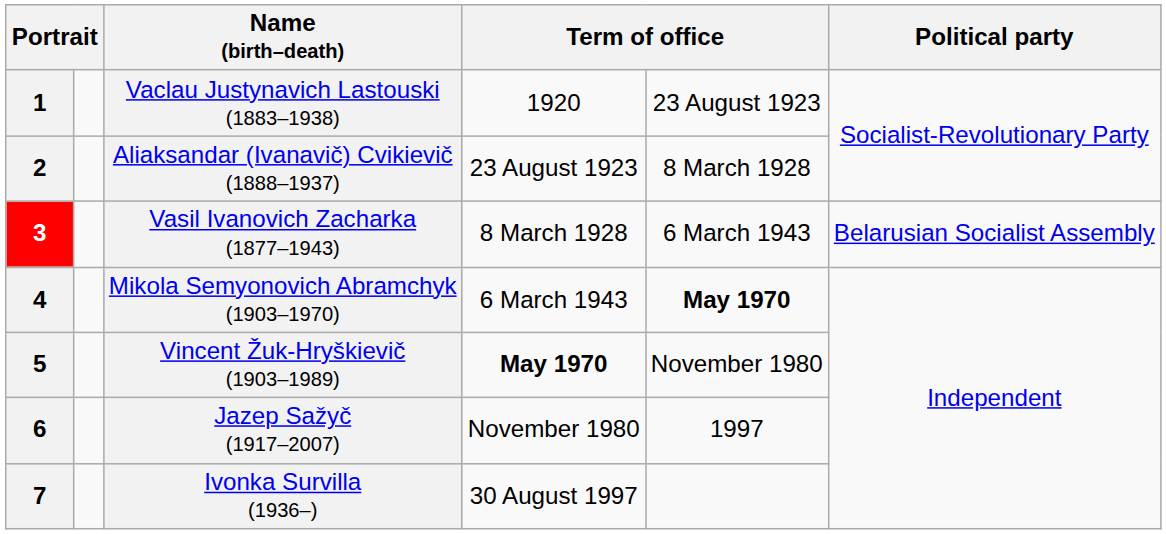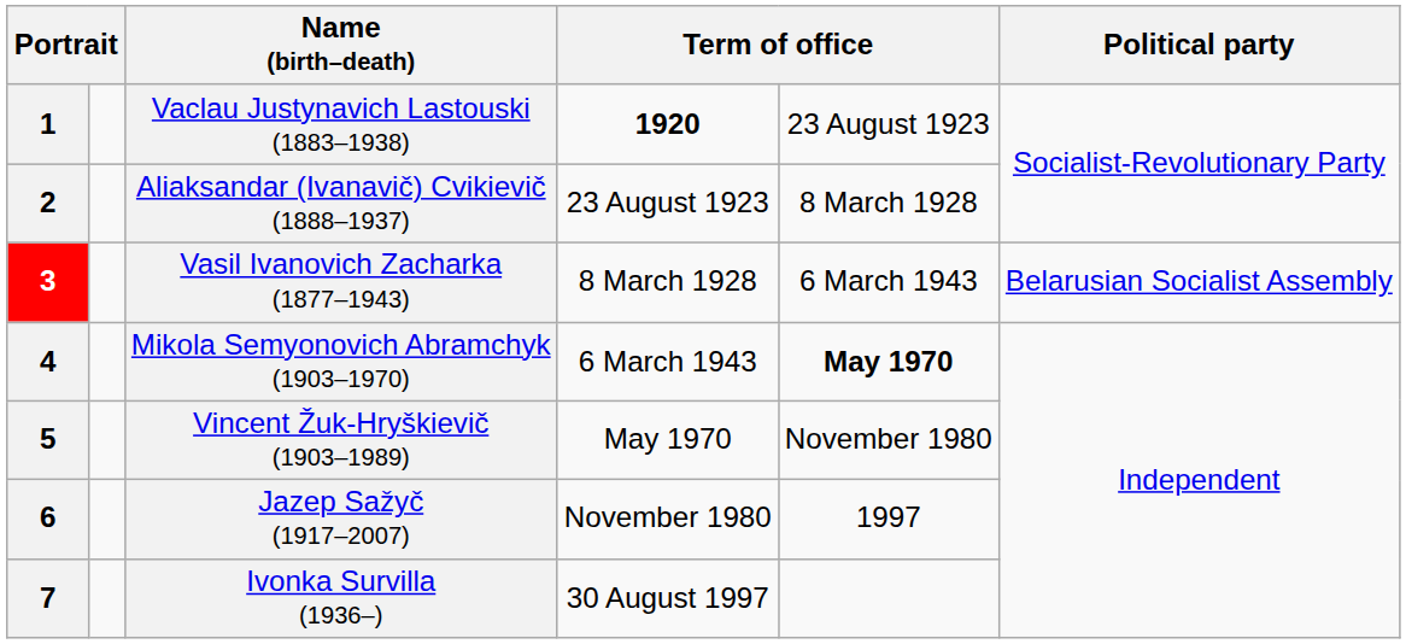 <table class="wikitable" style="text-align:center; margin-left: auto; margin-right: auto; border: none;">
 <tr>
 <th colspan=2>Portrait</th>
 <th>Name<br><small>(birth–death)</small></th>
 <th colspan="2">Term of office</th>
 <th>Political party</th>
 </tr>
 <tr>
 <th style="background:">1</th>
 <td></td>
 <th scope="row" style="font-weight:normal;"><a href='#'>Vaclau Justynavich Lastouski</a><br><small>(1883–1938)</small></th>
-<td>1920</td>
+<td><strong>1920</strong></td>
 <td>23 August 1923</td>
 <td rowspan="2"><a href='#'>Socialist-Revolutionary Party</a></td>
 </tr>
 <tr>
 <th style="background:">2</th>
 <td></td>
 <th scope="row" style="font-weight:normal;"><a href='#'>Aliaksandar (Ivanavič) Cvikievič</a><br><small>(1888–1937)</small></th>
 <td>23 August 1923</td>
 <td>8 March 1928</td>
 </tr>
 <tr>
 <th style="text-align:center; background: red; color:white;">3</th>
 <td></td>
 <th scope="row" style="font-weight:normal;"><a href='#'>Vasil Ivanovich Zacharka</a><br><small>(1877–1943)</small></th>
 <td>8 March 1928</td>
 <td>6 March 1943</td>
 <td><a href='#'>Belarusian Socialist Assembly</a></td>
 </tr>
 <tr>
 <th style="text-align:center; background: ">4</th>
 <td></td>
 <th scope="row" style="font-weight:normal;"><a href='#'>Mikola Semyonovich Abramchyk</a><br><small>(1903–1970)</small></th>
 <td>6 March 1943</td>
 <td><strong>May 1970</strong></td>
 <td rowspan=4><a href='#'>Independent</a></td>
 </tr>
 <tr>
 <th style="text-align:center; background: ">5</th>
 <td></td>
 <th scope="row" style="font-weight:normal;"><a href='#'>Vincent Žuk-Hryškievič</a><br><small>(1903–1989)</small></th>
-<td><strong>May 1970</strong></td>
+<td>May 1970</td>
 <td>November 1980</td>
 </tr>
 <tr>
 <th style="text-align:center; background: ">6</th>
 <td></td>
 <th scope="row" style="font-weight:normal;"><a href='#'>Jazep Sažyč</a><br><small>(1917–2007)</small></th>
 <td>November 1980</td>
 <td>1997</td>
 </tr>
 <tr>
 <th style="text-align:center; background: ">7</th>
 <td></td>
 <th scope="row" style="font-weight:normal;"><a href='#'>Ivonka Survilla</a><br><small>(1936–)</small></th>
 <td>30 August 1997</td>
 <td></td>
 </tr>
 </table>
